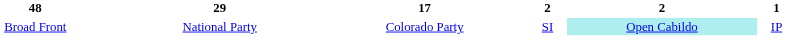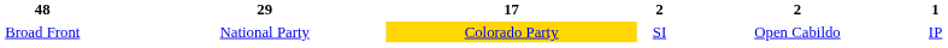 <table style="width:66em; text-align:center; font-size:88%">
 <tr style="font-weight:bold">
 <td style="background:">48</td>
 <td style="background:">29</td>
 <td style="background:">17</td>
 <td style="background:">2</td>
 <td style="background:">2</td>
 <td style="background:">1</td>
 </tr>
 <tr>
 <td><a href='#'>Broad Front</a></td>
 <td><a href='#'>National Party</a></td>
-<td><a href='#'>Colorado Party</a></td>
+<td style="background: gold;"><a href='#'>Colorado Party</a></td>
 <td><a href='#'>SI</a></td>
-<td style="background: paleturquoise;"><a href='#'>Open Cabildo</a></td>
+<td><a href='#'>Open Cabildo</a></td>
 <td><a href='#'>IP</a></td>
 </tr>
 </table>
